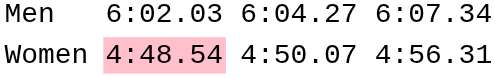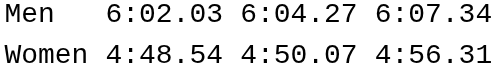 <table>
 <tr>
 <td>Men<br></td>
 <td></td>
 <td>6:02.03</td>
 <td></td>
 <td>6:04.27</td>
 <td></td>
 <td>6:07.34</td>
 </tr>
 <tr>
 <td>Women<br></td>
 <td></td>
-<td style="background: pink;">4:48.54</td>
+<td>4:48.54</td>
 <td></td>
 <td>4:50.07</td>
 <td></td>
 <td>4:56.31</td>
 </tr>
 </table>
